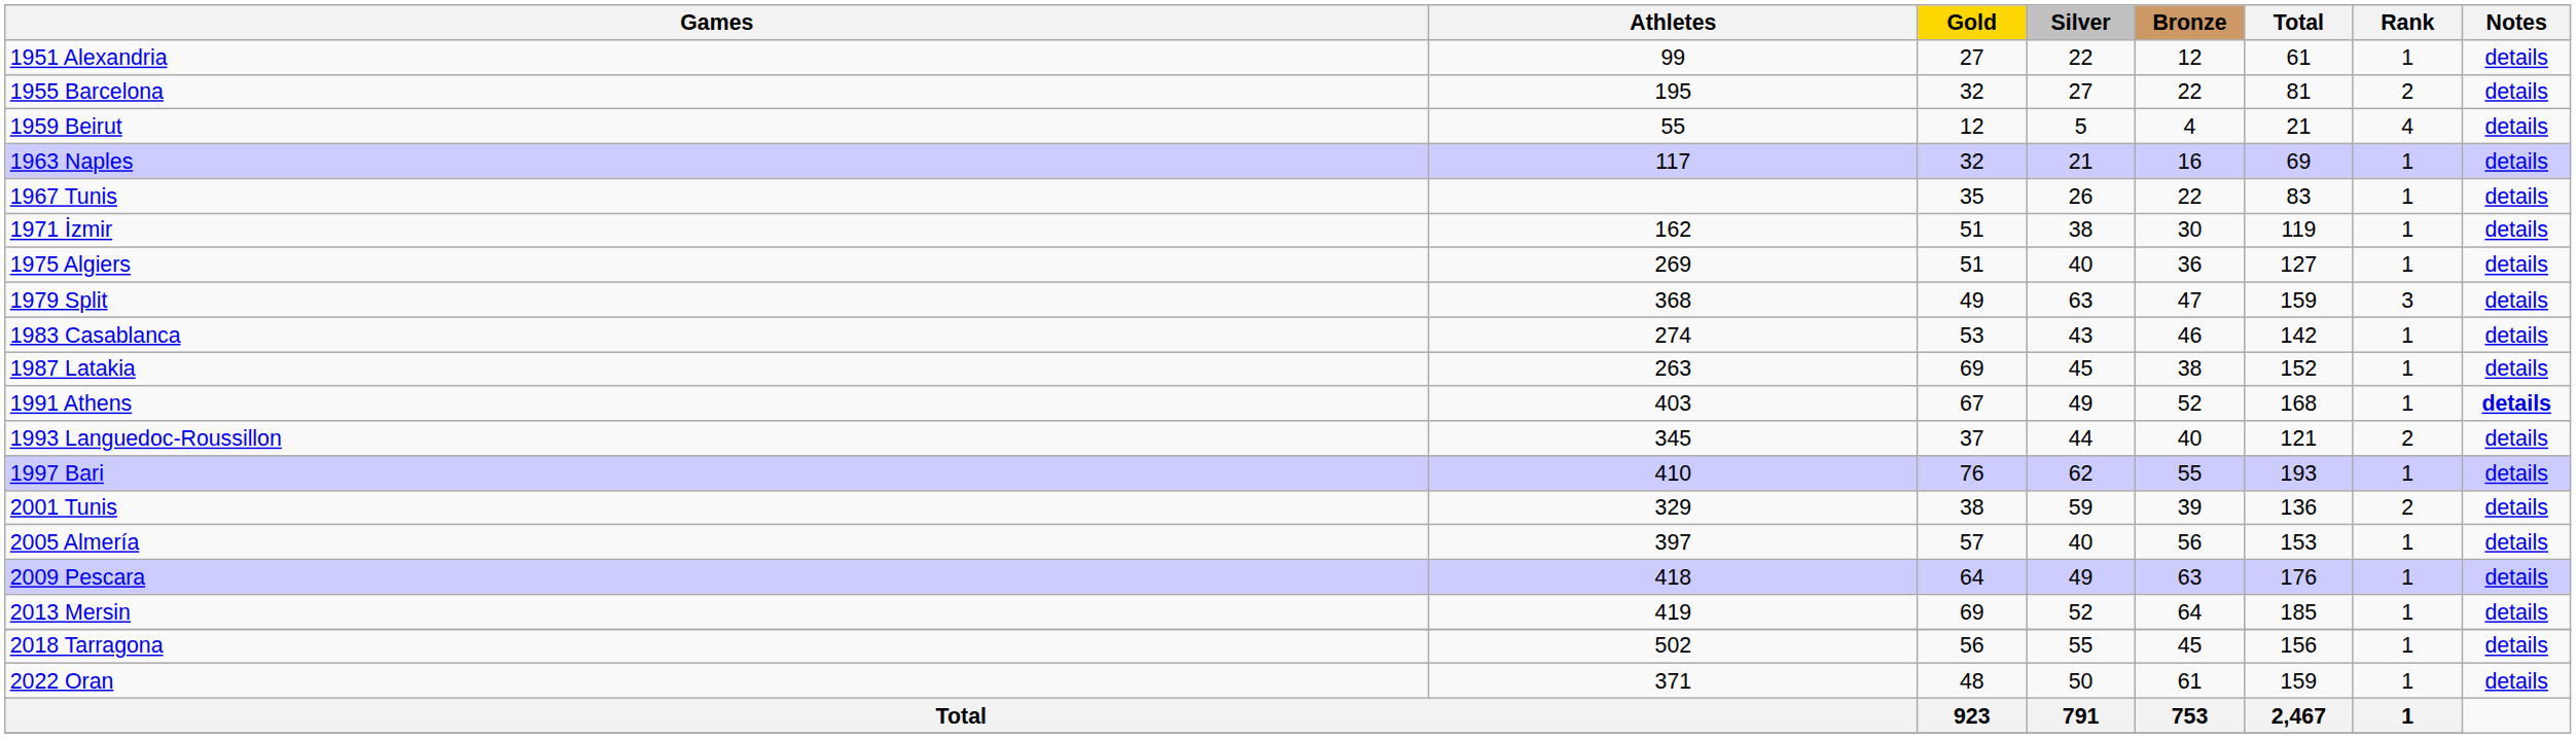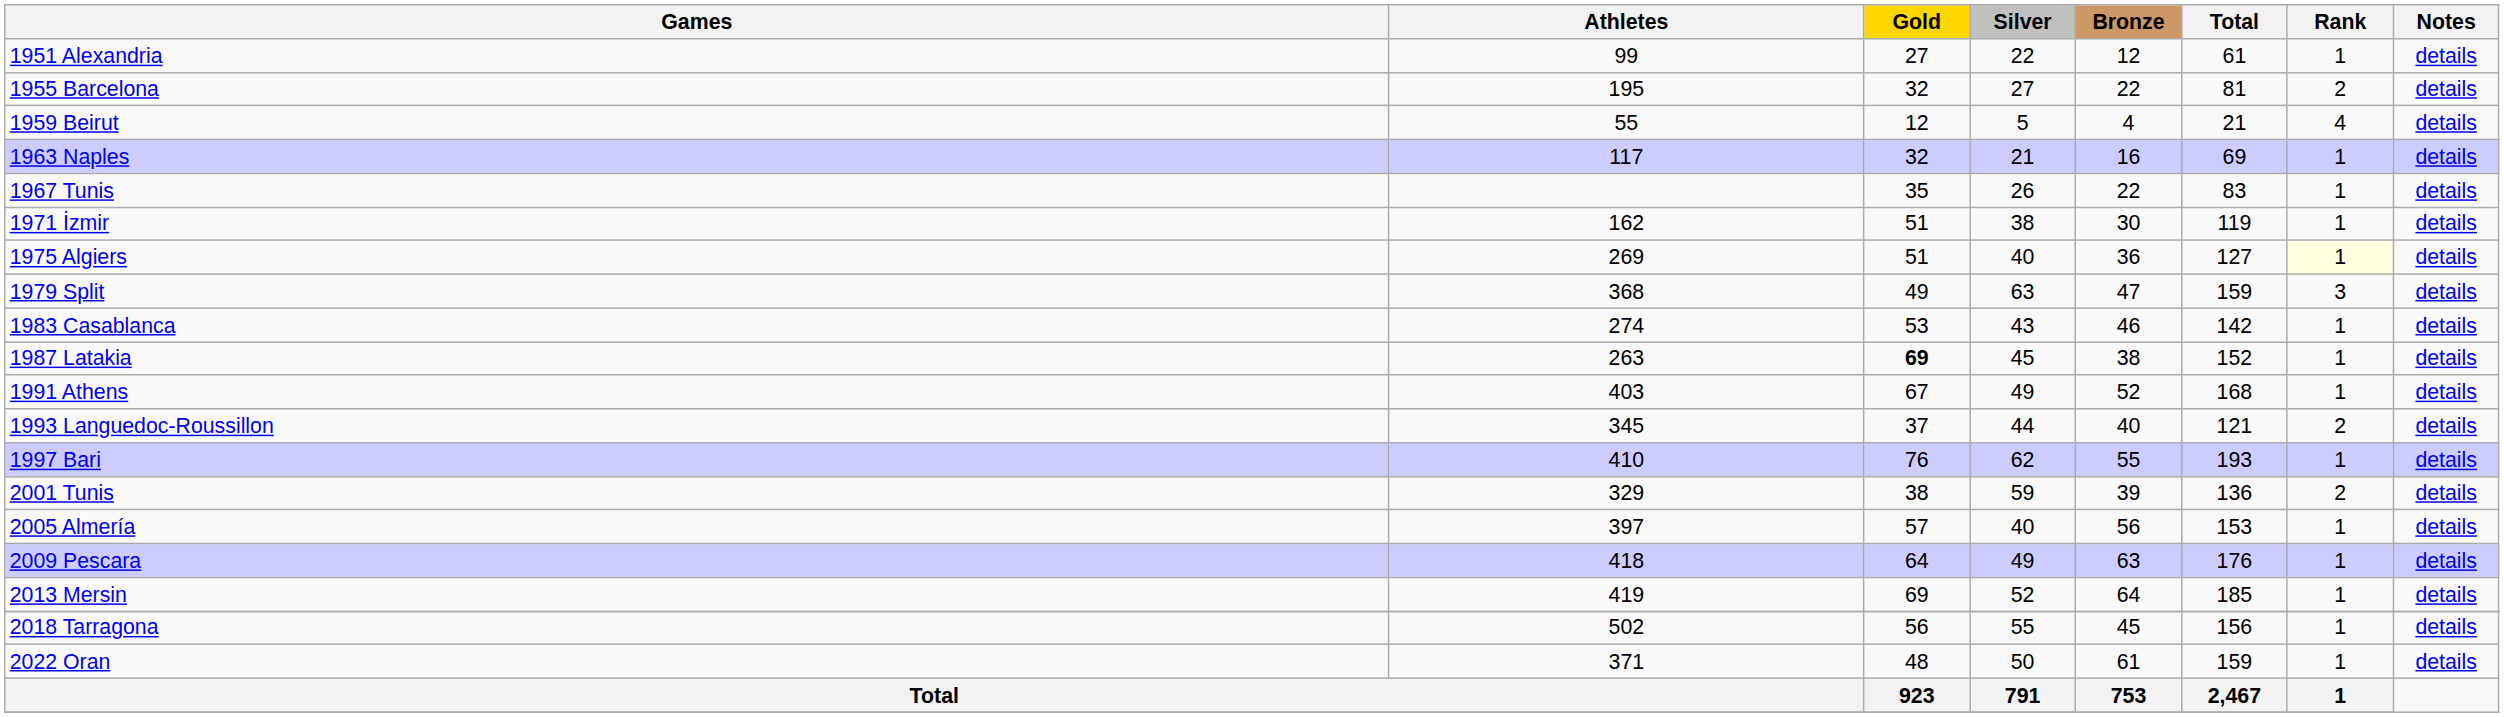 <table class="wikitable" width=85% style="font-size:90%; text-align:center;">
 <tr>
 <th>Games</th>
 <th>Athletes</th>
 <td style="background:gold; width:4.5em; font-weight:bold;">Gold</td>
 <td style="background:silver; width:4.5em; font-weight:bold;">Silver</td>
 <td style="background:#cc9966; width:4.5em; font-weight:bold;">Bronze</td>
 <th style="width:4.5em; font-weight:bold;">Total</th>
 <th style="width:4.5em; font-weight:bold;">Rank</th>
 <th style="width:4.5em; font-weight:bold;">Notes</th>
 </tr>
 <tr>
 <td align=left><a href='#'>1951 Alexandria</a></td>
 <td>99</td>
 <td>27</td>
 <td>22</td>
 <td>12</td>
 <td>61</td>
 <td>1</td>
 <td><a href='#'>details</a></td>
 </tr>
 <tr>
 <td align=left><a href='#'>1955 Barcelona</a></td>
 <td>195</td>
 <td>32</td>
 <td>27</td>
 <td>22</td>
 <td>81</td>
 <td>2</td>
 <td><a href='#'>details</a></td>
 </tr>
 <tr>
 <td align=left><a href='#'>1959 Beirut</a></td>
 <td>55</td>
 <td>12</td>
 <td>5</td>
 <td>4</td>
 <td>21</td>
 <td>4</td>
 <td><a href='#'>details</a></td>
 </tr>
 <tr style="background:#ccccff">
 <td align=left><a href='#'>1963 Naples</a></td>
 <td>117</td>
 <td>32</td>
 <td>21</td>
 <td>16</td>
 <td>69</td>
 <td>1</td>
 <td><a href='#'>details</a></td>
 </tr>
 <tr>
 <td align=left><a href='#'>1967 Tunis</a></td>
 <td></td>
 <td>35</td>
 <td>26</td>
 <td>22</td>
 <td>83</td>
 <td>1</td>
 <td><a href='#'>details</a></td>
 </tr>
 <tr>
 <td align=left><a href='#'>1971 İzmir</a></td>
 <td>162</td>
 <td>51</td>
 <td>38</td>
 <td>30</td>
 <td>119</td>
 <td>1</td>
 <td><a href='#'>details</a></td>
 </tr>
 <tr>
 <td align=left><a href='#'>1975 Algiers</a></td>
 <td>269</td>
 <td>51</td>
 <td>40</td>
 <td>36</td>
 <td>127</td>
-<td>1</td>
+<td style="background: lightyellow;">1</td>
 <td><a href='#'>details</a></td>
 </tr>
 <tr>
 <td align=left><a href='#'>1979 Split</a></td>
 <td>368</td>
 <td>49</td>
 <td>63</td>
 <td>47</td>
 <td>159</td>
 <td>3</td>
 <td><a href='#'>details</a></td>
 </tr>
 <tr>
 <td align=left><a href='#'>1983 Casablanca</a></td>
 <td>274</td>
 <td>53</td>
 <td>43</td>
 <td>46</td>
 <td>142</td>
 <td>1</td>
 <td><a href='#'>details</a></td>
 </tr>
 <tr>
 <td align=left><a href='#'>1987 Latakia</a></td>
 <td>263</td>
-<td>69</td>
+<td><strong>69</strong></td>
 <td>45</td>
 <td>38</td>
 <td>152</td>
 <td>1</td>
 <td><a href='#'>details</a></td>
 </tr>
 <tr>
 <td align=left><a href='#'>1991 Athens</a></td>
 <td>403</td>
 <td>67</td>
 <td>49</td>
 <td>52</td>
 <td>168</td>
 <td>1</td>
-<td><strong><a href='#'>details</a></strong></td>
+<td><a href='#'>details</a></td>
 </tr>
 <tr>
 <td align=left><a href='#'>1993 Languedoc-Roussillon</a></td>
 <td>345</td>
 <td>37</td>
 <td>44</td>
 <td>40</td>
 <td>121</td>
 <td>2</td>
 <td><a href='#'>details</a></td>
 </tr>
 <tr style="background:#ccccff">
 <td align=left><a href='#'>1997 Bari</a></td>
 <td>410</td>
 <td>76</td>
 <td>62</td>
 <td>55</td>
 <td>193</td>
 <td>1</td>
 <td><a href='#'>details</a></td>
 </tr>
 <tr>
 <td align=left><a href='#'>2001 Tunis</a></td>
 <td>329</td>
 <td>38</td>
 <td>59</td>
 <td>39</td>
 <td>136</td>
 <td>2</td>
 <td><a href='#'>details</a></td>
 </tr>
 <tr>
 <td align=left><a href='#'>2005 Almería</a></td>
 <td>397</td>
 <td>57</td>
 <td>40</td>
 <td>56</td>
 <td>153</td>
 <td>1</td>
 <td><a href='#'>details</a></td>
 </tr>
 <tr style="background:#ccccff">
 <td align=left><a href='#'>2009 Pescara</a></td>
 <td>418</td>
 <td>64</td>
 <td>49</td>
 <td>63</td>
 <td>176</td>
 <td>1</td>
 <td><a href='#'>details</a></td>
 </tr>
 <tr>
 <td align=left><a href='#'>2013 Mersin</a></td>
 <td>419</td>
 <td>69</td>
 <td>52</td>
 <td>64</td>
 <td>185</td>
 <td>1</td>
 <td><a href='#'>details</a></td>
 </tr>
 <tr style="width:4em;">
 </tr>
 <tr>
 <td align=left><a href='#'>2018 Tarragona</a></td>
 <td>502</td>
 <td>56</td>
 <td>55</td>
 <td>45</td>
 <td>156</td>
 <td>1</td>
 <td><a href='#'>details</a></td>
 </tr>
 <tr>
 <td align=left><a href='#'>2022 Oran</a></td>
 <td>371</td>
 <td>48</td>
 <td>50</td>
 <td>61</td>
 <td>159</td>
 <td>1</td>
 <td><a href='#'>details</a></td>
 </tr>
 <tr style="width:4em;">
 <th colspan=2>Total</th>
 <th>923</th>
 <th>791</th>
 <th>753</th>
 <th>2,467</th>
 <th>1</th>
 </tr>
 <tr class="sortbottom">
 </tr>
 </table>
